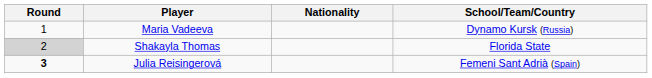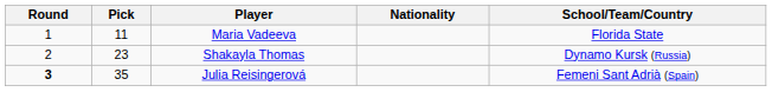 <table class="wikitable" style="text-align:center; width:60em">
 <tr>
 <th>Round</th>
+<th>Pick</th>
 <th>Player</th>
 <th>Nationality</th>
 <th>School/Team/Country</th>
 </tr>
 <tr>
 <td>1</td>
+<td>11</td>
 <td><a href='#'>Maria Vadeeva</a></td>
+<td></td>
+<td><a href='#'>Florida State</a></td>
+</tr>
+<tr>
+<td>2</td>
+<td>23</td>
+<td><a href='#'>Shakayla Thomas</a></td>
 <td></td>
 <td><a href='#'>Dynamo Kursk</a> <small>(<a href='#'>Russia</a>)</small></td>
 </tr>
 <tr>
-<td style="background: lightgrey;">2</td>
-<td><a href='#'>Shakayla Thomas</a></td>
-<td></td>
-<td><a href='#'>Florida State</a></td>
-</tr>
-<tr>
 <td><strong>3</strong></td>
+<td>35</td>
 <td><a href='#'>Julia Reisingerová</a></td>
 <td></td>
 <td><a href='#'>Femeni Sant Adrià</a> <small>(<a href='#'>Spain</a>)</small></td>
 </tr>
 </table>
